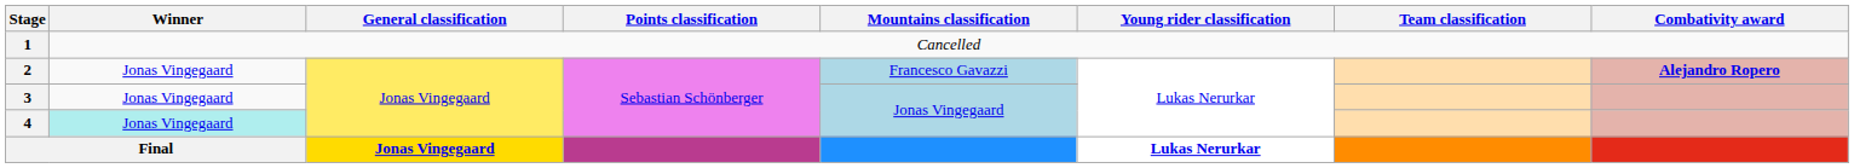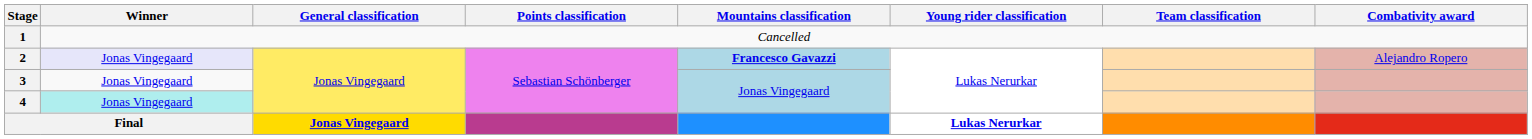 <table class="wikitable" style="text-align: center; font-size:smaller;">
 <tr style="background:#efefef;">
 <th style="width:2%;">Stage</th>
 <th style="width:14%;">Winner</th>
 <th style="width:14%;"><a href='#'>General classification</a><br></th>
 <th style="width:14%;"><a href='#'>Points classification</a><br></th>
 <th style="width:14%;"><a href='#'>Mountains classification</a><br></th>
 <th style="width:14%;"><a href='#'>Young rider classification</a><br></th>
 <th style="width:14%;"><a href='#'>Team classification</a></th>
 <th style="width:14%;"><a href='#'>Combativity award</a></th>
 </tr>
 <tr>
 <th>1</th>
 <td colspan="7"><em>Cancelled</em></td>
 </tr>
 <tr>
 <th>2</th>
-<td><a href='#'>Jonas Vingegaard</a></td>
+<td style="background: lavender;"><a href='#'>Jonas Vingegaard</a></td>
 <td style="background:#FFEB64;" rowspan=3><a href='#'>Jonas Vingegaard</a></td>
 <td style="background:violet;" rowspan=3><a href='#'>Sebastian Schönberger</a></td>
-<td style="background:lightblue;"><a href='#'>Francesco Gavazzi</a></td>
+<td style="background:lightblue;"><strong><a href='#'>Francesco Gavazzi</a></strong></td>
 <td style="background:white;" rowspan=3><a href='#'>Lukas Nerurkar</a></td>
 <td style="background:navajowhite;"></td>
-<td style="background:#E4B3AB;"><strong><a href='#'>Alejandro Ropero</a></strong></td>
+<td style="background:#E4B3AB;"><a href='#'>Alejandro Ropero</a></td>
 </tr>
 <tr>
 <th>3</th>
 <td><a href='#'>Jonas Vingegaard</a></td>
 <td style="background:lightblue;" rowspan=2><a href='#'>Jonas Vingegaard</a></td>
 <td style="background:navajowhite;"></td>
 <td style="background:#E4B3AB;"></td>
 </tr>
 <tr>
 <th>4</th>
 <td style="background: paleturquoise;"><a href='#'>Jonas Vingegaard</a></td>
 <td style="background:navajowhite;"></td>
 <td style="background:#E4B3AB;"></td>
 </tr>
 <tr>
 <th colspan="2">Final</th>
 <th style="background:#FFDB00;"><a href='#'>Jonas Vingegaard</a></th>
 <th style="background:#B93B8F;"></th>
 <th style="background:dodgerblue;"></th>
 <th style="background:white;"><a href='#'>Lukas Nerurkar</a></th>
 <th style="background:#FF8C00;"></th>
 <th style="background:#E42A19;"></th>
 </tr>
 </table>
